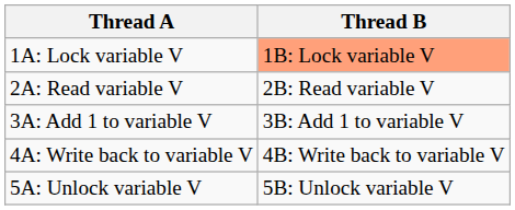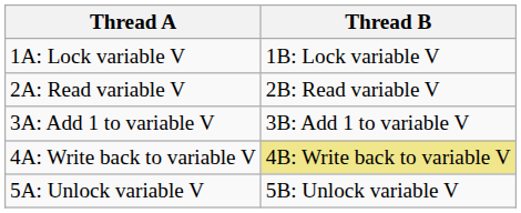 <table class="wikitable">
 <tr>
 <th>Thread A</th>
 <th>Thread B</th>
 </tr>
 <tr>
 <td>1A: Lock variable V</td>
-<td style="background: lightsalmon;">1B: Lock variable V</td>
+<td>1B: Lock variable V</td>
 </tr>
 <tr>
 <td>2A: Read variable V</td>
 <td>2B: Read variable V</td>
 </tr>
 <tr>
 <td>3A: Add 1 to variable V</td>
 <td>3B: Add 1 to variable V</td>
 </tr>
 <tr>
 <td>4A: Write back to variable V</td>
-<td>4B: Write back to variable V</td>
+<td style="background: khaki;">4B: Write back to variable V</td>
 </tr>
 <tr>
 <td>5A: Unlock variable V</td>
 <td>5B: Unlock variable V</td>
 </tr>
 </table>
